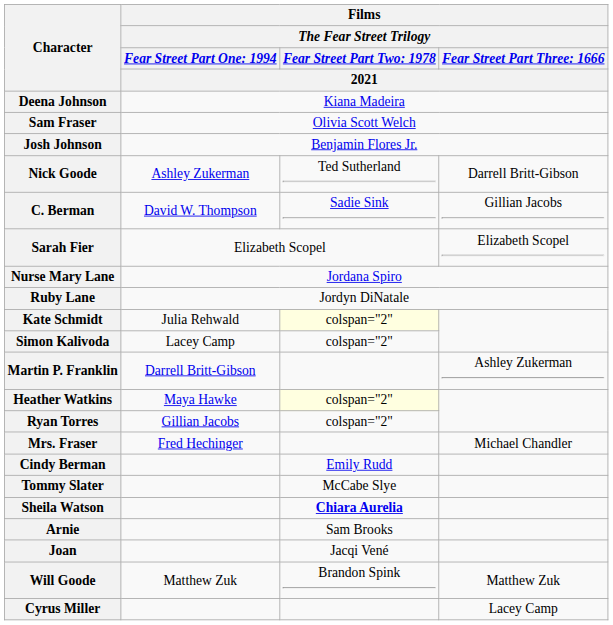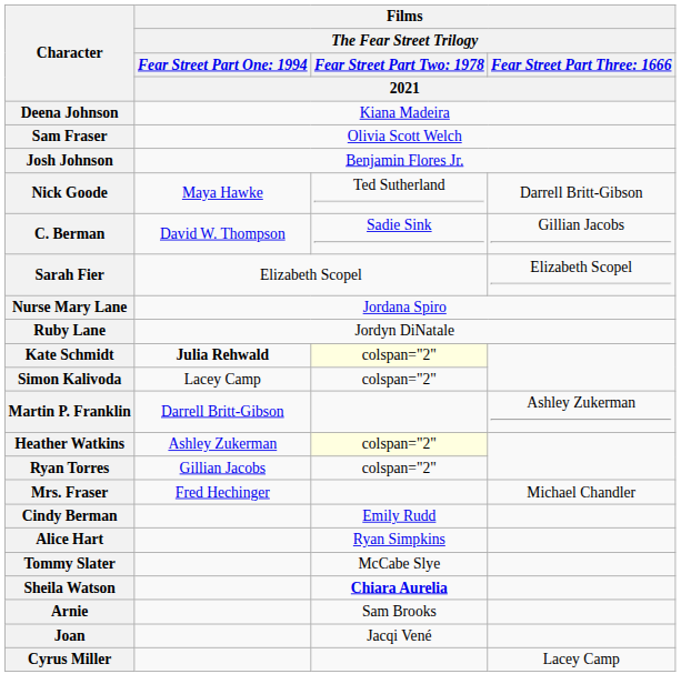 <table class="wikitable" style="text-align: center;">
 <tr>
 <th rowspan="4">Character</th>
 <th colspan="3">Films</th>
 </tr>
 <tr>
 <th colspan="3"><em>The Fear Street Trilogy</em></th>
 </tr>
 <tr>
 <th><em><a href='#'>Fear Street Part One: 1994</a></em></th>
 <th><em><a href='#'>Fear Street Part Two: 1978</a></em></th>
 <th><em><a href='#'>Fear Street Part Three: 1666</a></em></th>
 </tr>
 <tr>
 <th colspan="3">2021</th>
 </tr>
 <tr>
 <th scope="row">Deena Johnson</th>
 <td colspan="3"><a href='#'>Kiana Madeira</a></td>
 </tr>
 <tr>
 <th scope="row">Sam Fraser</th>
 <td colspan="3"><a href='#'>Olivia Scott Welch</a></td>
 </tr>
 <tr>
 <th scope="row">Josh Johnson</th>
 <td colspan="3"><a href='#'>Benjamin Flores Jr.</a></td>
 </tr>
 <tr>
 <th scope="row">Nick Goode</th>
-<td><a href='#'>Ashley Zukerman</a></td>
+<td><a href='#'>Maya Hawke</a></td>
 <td>Ted Sutherland<hr></td>
 <td>Darrell Britt-Gibson</td>
 </tr>
 <tr>
 <th scope="row">C. Berman<br></th>
 <td><a href='#'>David W. Thompson</a></td>
 <td><a href='#'>Sadie Sink</a><hr></td>
 <td>Gillian Jacobs<hr></td>
 </tr>
 <tr>
 <th scope="row">Sarah Fier</th>
 <td colspan="2">Elizabeth Scopel</td>
 <td>Elizabeth Scopel<hr></td>
 </tr>
 <tr>
 <th scope="row">Nurse Mary Lane</th>
 <td colspan="3"><a href='#'>Jordana Spiro</a></td>
 </tr>
 <tr>
 <th scope="row">Ruby Lane</th>
 <td colspan="3">Jordyn DiNatale</td>
 </tr>
 <tr>
 <th scope="row">Kate Schmidt</th>
-<td>Julia Rehwald</td>
+<td><strong>Julia Rehwald</strong></td>
 <td style="background: lightyellow;">colspan="2" </td>
 </tr>
 <tr>
 <th scope="row">Simon Kalivoda</th>
 <td>Lacey Camp</td>
 <td>colspan="2" </td>
 </tr>
 <tr>
 <th scope="row">Martin P. Franklin</th>
 <td><a href='#'>Darrell Britt-Gibson</a></td>
 <td></td>
 <td>Ashley Zukerman<hr></td>
 </tr>
 <tr>
 <th scope="row">Heather Watkins</th>
-<td><a href='#'>Maya Hawke</a></td>
+<td><a href='#'>Ashley Zukerman</a></td>
 <td style="background: lightyellow;">colspan="2" </td>
 </tr>
 <tr>
 <th scope="row">Ryan Torres<br></th>
 <td><a href='#'>Gillian Jacobs</a></td>
 <td>colspan="2" </td>
 </tr>
 <tr>
 <th scope="row">Mrs. Fraser</th>
 <td><a href='#'>Fred Hechinger</a></td>
 <td></td>
 <td>Michael Chandler</td>
 </tr>
 <tr>
 <th scope="row">Cindy Berman</th>
 <td></td>
 <td><a href='#'>Emily Rudd</a></td>
+<td></td>
+</tr>
+<tr>
+<th scope="row">Alice Hart</th>
+<td></td>
+<td><a href='#'>Ryan Simpkins</a></td>
 <td></td>
 </tr>
 <tr>
 <th scope="row">Tommy Slater<br></th>
 <td></td>
 <td>McCabe Slye</td>
 <td></td>
 </tr>
 <tr>
 <th scope="row">Sheila Watson</th>
 <td></td>
 <td><strong><a href='#'>Chiara Aurelia</a></strong></td>
 <td></td>
 </tr>
 <tr>
 <th scope="row">Arnie</th>
 <td></td>
 <td>Sam Brooks</td>
 <td></td>
 </tr>
 <tr>
 <th scope="row">Joan</th>
 <td></td>
 <td>Jacqi Vené</td>
 <td></td>
 </tr>
 <tr>
-<th scope="row">Will Goode</th>
-<td>Matthew Zuk</td>
-<td>Brandon Spink<hr></td>
-<td>Matthew Zuk</td>
-</tr>
-<tr>
 <th scope="row">Cyrus Miller<br></th>
 <td></td>
 <td></td>
 <td>Lacey Camp</td>
 </tr>
 </table>
